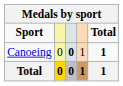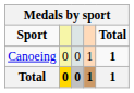 <table class="wikitable" style=font-size:85%;float:center;text-align:center>
 <tr style="background:#efefef;">
 <th colspan=5><strong>Medals by sport</strong></th>
 </tr>
 <tr align=center>
 <td><strong>Sport</strong></td>
 <td bgcolor=#f7f6a8></td>
 <td bgcolor=#dce5e5></td>
 <td bgcolor=#ffdab9></td>
 <td><strong>Total</strong></td>
 </tr>
 <tr align=center>
 <td><a href='#'>Canoeing</a></td>
 <td style="background:#F7F6A8;">0</td>
-<td style="background:#DCE5E5;"><strong>0</strong></td>
+<td style="background:#DCE5E5;">0</td>
 <td style="background:#FFDAB9;">1</td>
 <td><strong>1</strong></td>
 </tr>
 <tr align=center>
 <th><strong>Total</strong></th>
 <th style="background:gold;"><strong>0</strong></th>
 <th style="background:silver;"><strong>0</strong></th>
 <th style="background:#c96;"><strong>1</strong></th>
 <th><strong>1</strong></th>
 </tr>
 </table>
